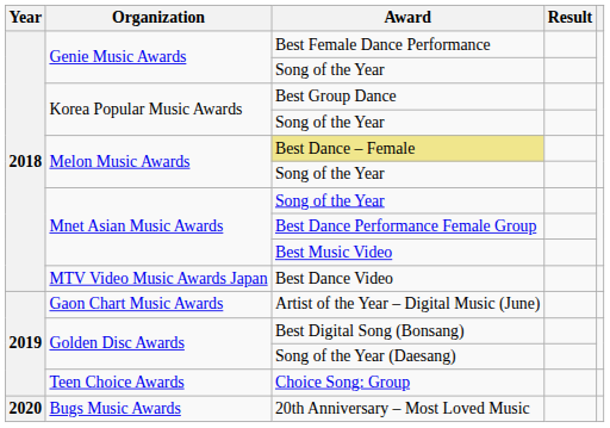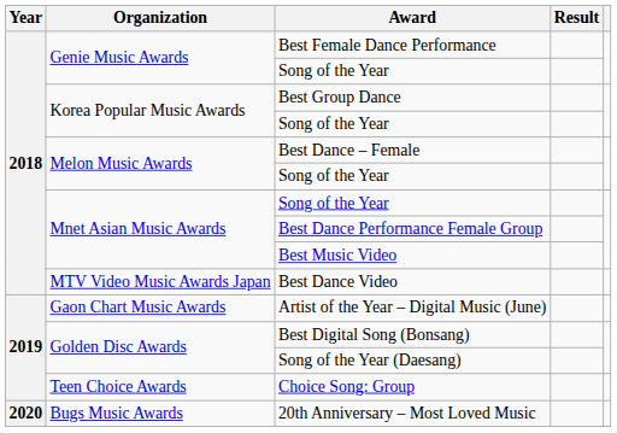 <table class="wikitable sortable plainrowheaders">
 <tr>
 <th scope="col">Year</th>
 <th scope="col">Organization</th>
 <th scope="col">Award</th>
 <th scope="col">Result</th>
 <th class="unsortable"></th>
 </tr>
 <tr>
 <th rowspan="10" scope="row">2018</th>
 <td rowspan="2"><a href='#'>Genie Music Awards</a></td>
 <td>Best Female Dance Performance</td>
 <td></td>
 <td rowspan="2" align="center"></td>
 </tr>
 <tr>
 <td>Song of the Year</td>
 <td></td>
 </tr>
 <tr>
 <td rowspan="2">Korea Popular Music Awards</td>
 <td>Best Group Dance</td>
 <td></td>
 <td rowspan="2" align="center"></td>
 </tr>
 <tr>
 <td>Song of the Year</td>
 <td></td>
 </tr>
 <tr>
 <td rowspan="2"><a href='#'>Melon Music Awards</a></td>
-<td style="background: khaki;">Best Dance – Female</td>
+<td>Best Dance – Female</td>
 <td></td>
 <td rowspan="2" align="center"></td>
 </tr>
 <tr>
 <td>Song of the Year</td>
 <td></td>
 </tr>
 <tr>
 <td rowspan="3"><a href='#'>Mnet Asian Music Awards</a></td>
 <td><a href='#'>Song of the Year</a></td>
 <td></td>
 <td rowspan="3" align="center"></td>
 </tr>
 <tr>
 <td><a href='#'>Best Dance Performance Female Group</a></td>
 <td></td>
 </tr>
 <tr>
 <td><a href='#'>Best Music Video</a></td>
 <td></td>
 </tr>
 <tr>
 <td><a href='#'>MTV Video Music Awards Japan</a></td>
 <td>Best Dance Video</td>
 <td></td>
 <td align="center"></td>
 </tr>
 <tr>
 <th rowspan="4" scope="row">2019</th>
 <td><a href='#'>Gaon Chart Music Awards</a></td>
 <td>Artist of the Year – Digital Music (June)</td>
 <td></td>
 <td align="center"></td>
 </tr>
 <tr>
 <td rowspan="2"><a href='#'>Golden Disc Awards</a></td>
 <td>Best Digital Song (Bonsang)</td>
 <td></td>
 <td rowspan="2" align="center"></td>
 </tr>
 <tr>
 <td>Song of the Year (Daesang)</td>
 <td></td>
 </tr>
 <tr>
 <td><a href='#'>Teen Choice Awards</a></td>
 <td><a href='#'>Choice Song: Group</a></td>
 <td></td>
 <td align="center"></td>
 </tr>
 <tr>
 <th scope="row">2020</th>
 <td><a href='#'>Bugs Music Awards</a></td>
 <td>20th Anniversary – Most Loved Music</td>
 <td></td>
 <td align="center"></td>
 </tr>
 </table>
